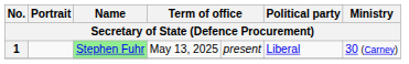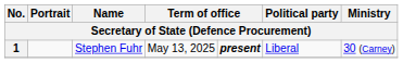 <table class="wikitable">
 <tr>
 <th>No.</th>
 <th>Portrait</th>
 <th>Name</th>
 <th colspan=2>Term of office</th>
 <th>Political party</th>
 <th>Ministry</th>
 </tr>
 <tr>
 <th colspan=7>Secretary of State (Defence Procurement)</th>
 </tr>
 <tr>
 <th style="background:">1</th>
 <td></td>
-<td style="background: lightgreen;"><a href='#'>Stephen Fuhr</a></td>
+<td><a href='#'>Stephen Fuhr</a></td>
 <td>May 13, 2025</td>
-<td><em>present</em></td>
+<td><strong><em>present</em></strong></td>
 <td><a href='#'>Liberal</a></td>
 <td><a href='#'>30</a> <small>(<a href='#'>Carney</a>)</small></td>
 </tr>
 <tr>
 </tr>
 </table>
